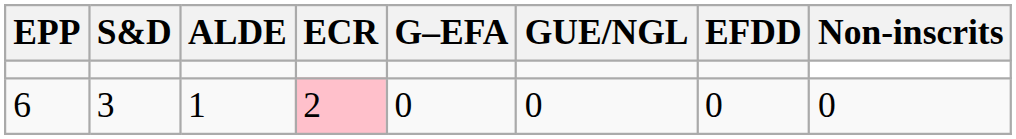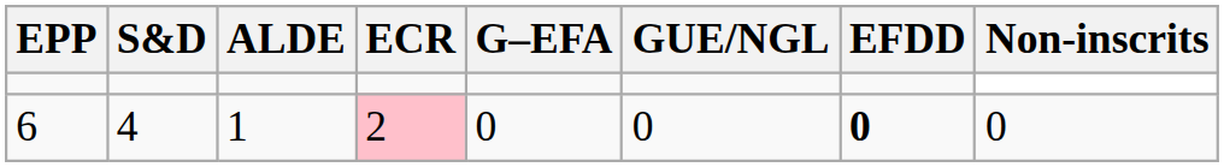 <table class="wikitable">
 <tr>
 <th>EPP</th>
 <th>S&D</th>
 <th>ALDE</th>
 <th>ECR</th>
 <th>G–EFA</th>
 <th>GUE/NGL</th>
 <th>EFDD</th>
 <th>Non-inscrits</th>
 </tr>
 <tr>
 <td style="background:"></td>
 <td style="background:"></td>
 <td style="background:"></td>
 <td style="background:"></td>
 <td style="background:"></td>
 <td style="background:"></td>
 <td style="background:"></td>
 <td style="background:white"></td>
 </tr>
 <tr>
 <td>6</td>
-<td>3</td>
+<td>4</td>
 <td>1</td>
 <td style="background: pink;">2</td>
 <td>0</td>
 <td>0</td>
-<td>0</td>
+<td><strong>0</strong></td>
 <td>0</td>
 </tr>
 </table>
